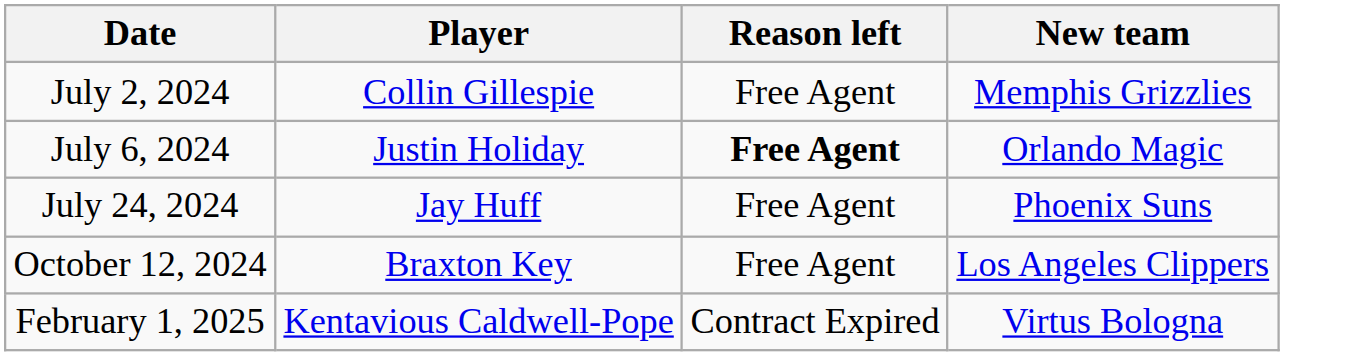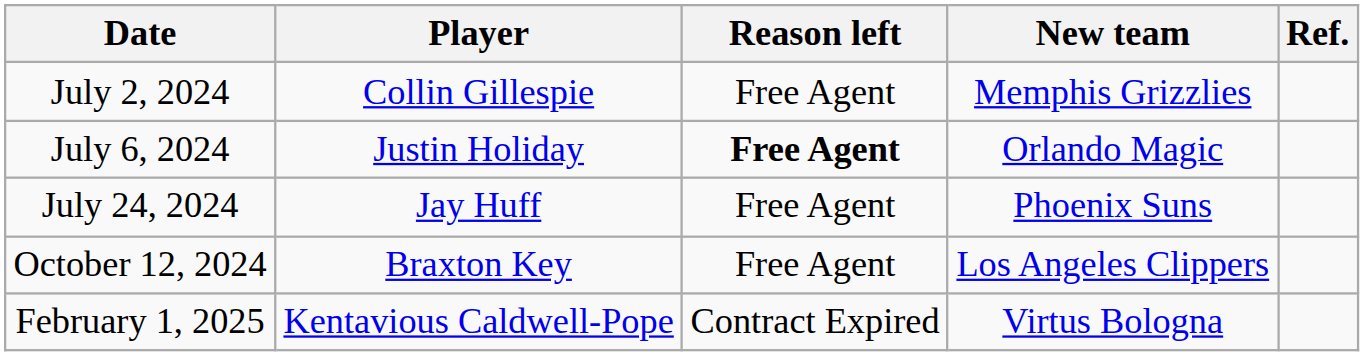 <table class="wikitable sortable sortable" style="text-align: center">
 <tr>
 <th>Date</th>
 <th>Player</th>
 <th>Reason left</th>
 <th>New team</th>
+<th>Ref.</th>
 </tr>
 <tr>
 <td>July 2, 2024</td>
 <td><a href='#'>Collin Gillespie</a></td>
 <td>Free Agent</td>
 <td><a href='#'>Memphis Grizzlies</a></td>
+<td></td>
 </tr>
 <tr>
 <td>July 6, 2024</td>
 <td><a href='#'>Justin Holiday</a></td>
 <td><strong>Free Agent</strong></td>
 <td><a href='#'>Orlando Magic</a></td>
+<td></td>
 </tr>
 <tr>
 <td>July 24, 2024</td>
 <td><a href='#'>Jay Huff</a></td>
 <td>Free Agent</td>
 <td><a href='#'>Phoenix Suns</a></td>
+<td></td>
 </tr>
 <tr>
 <td>October 12, 2024</td>
 <td><a href='#'>Braxton Key</a></td>
 <td>Free Agent</td>
 <td><a href='#'>Los Angeles Clippers</a></td>
+<td></td>
 </tr>
 <tr>
 <td>February 1, 2025</td>
 <td><a href='#'>Kentavious Caldwell-Pope</a></td>
 <td>Contract Expired</td>
 <td> <a href='#'>Virtus Bologna</a></td>
+<td></td>
 </tr>
 </table>
